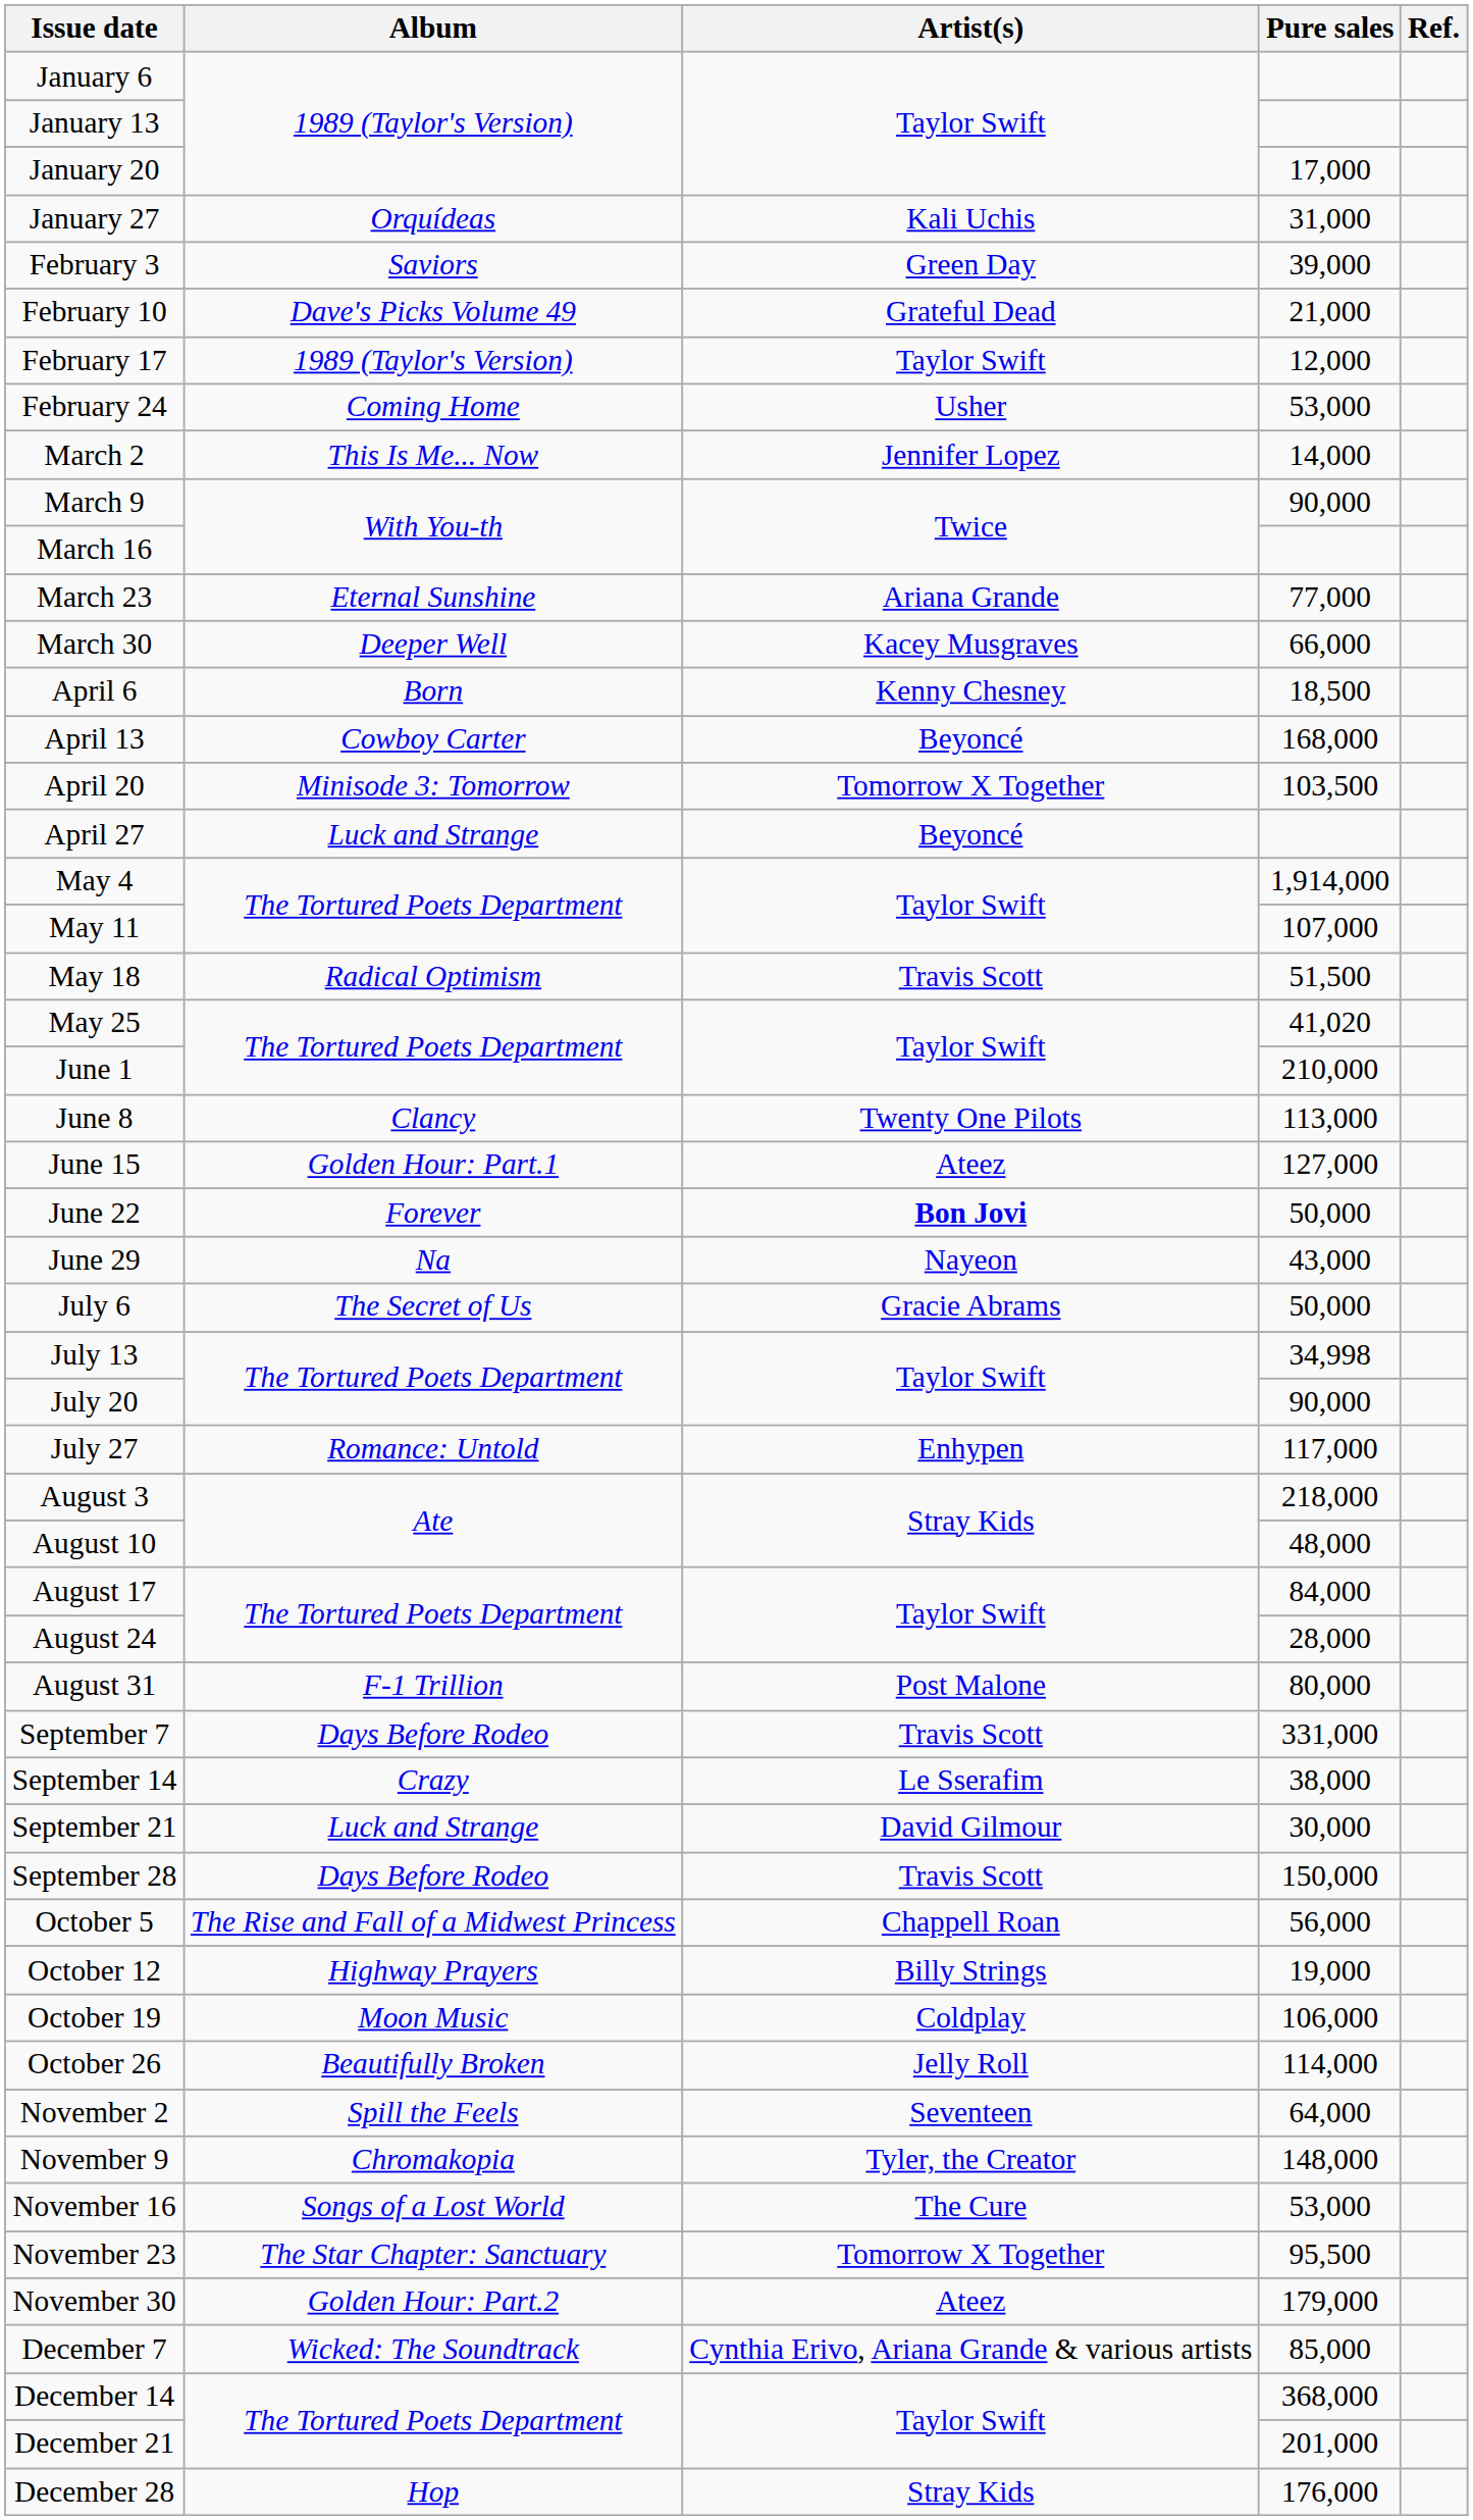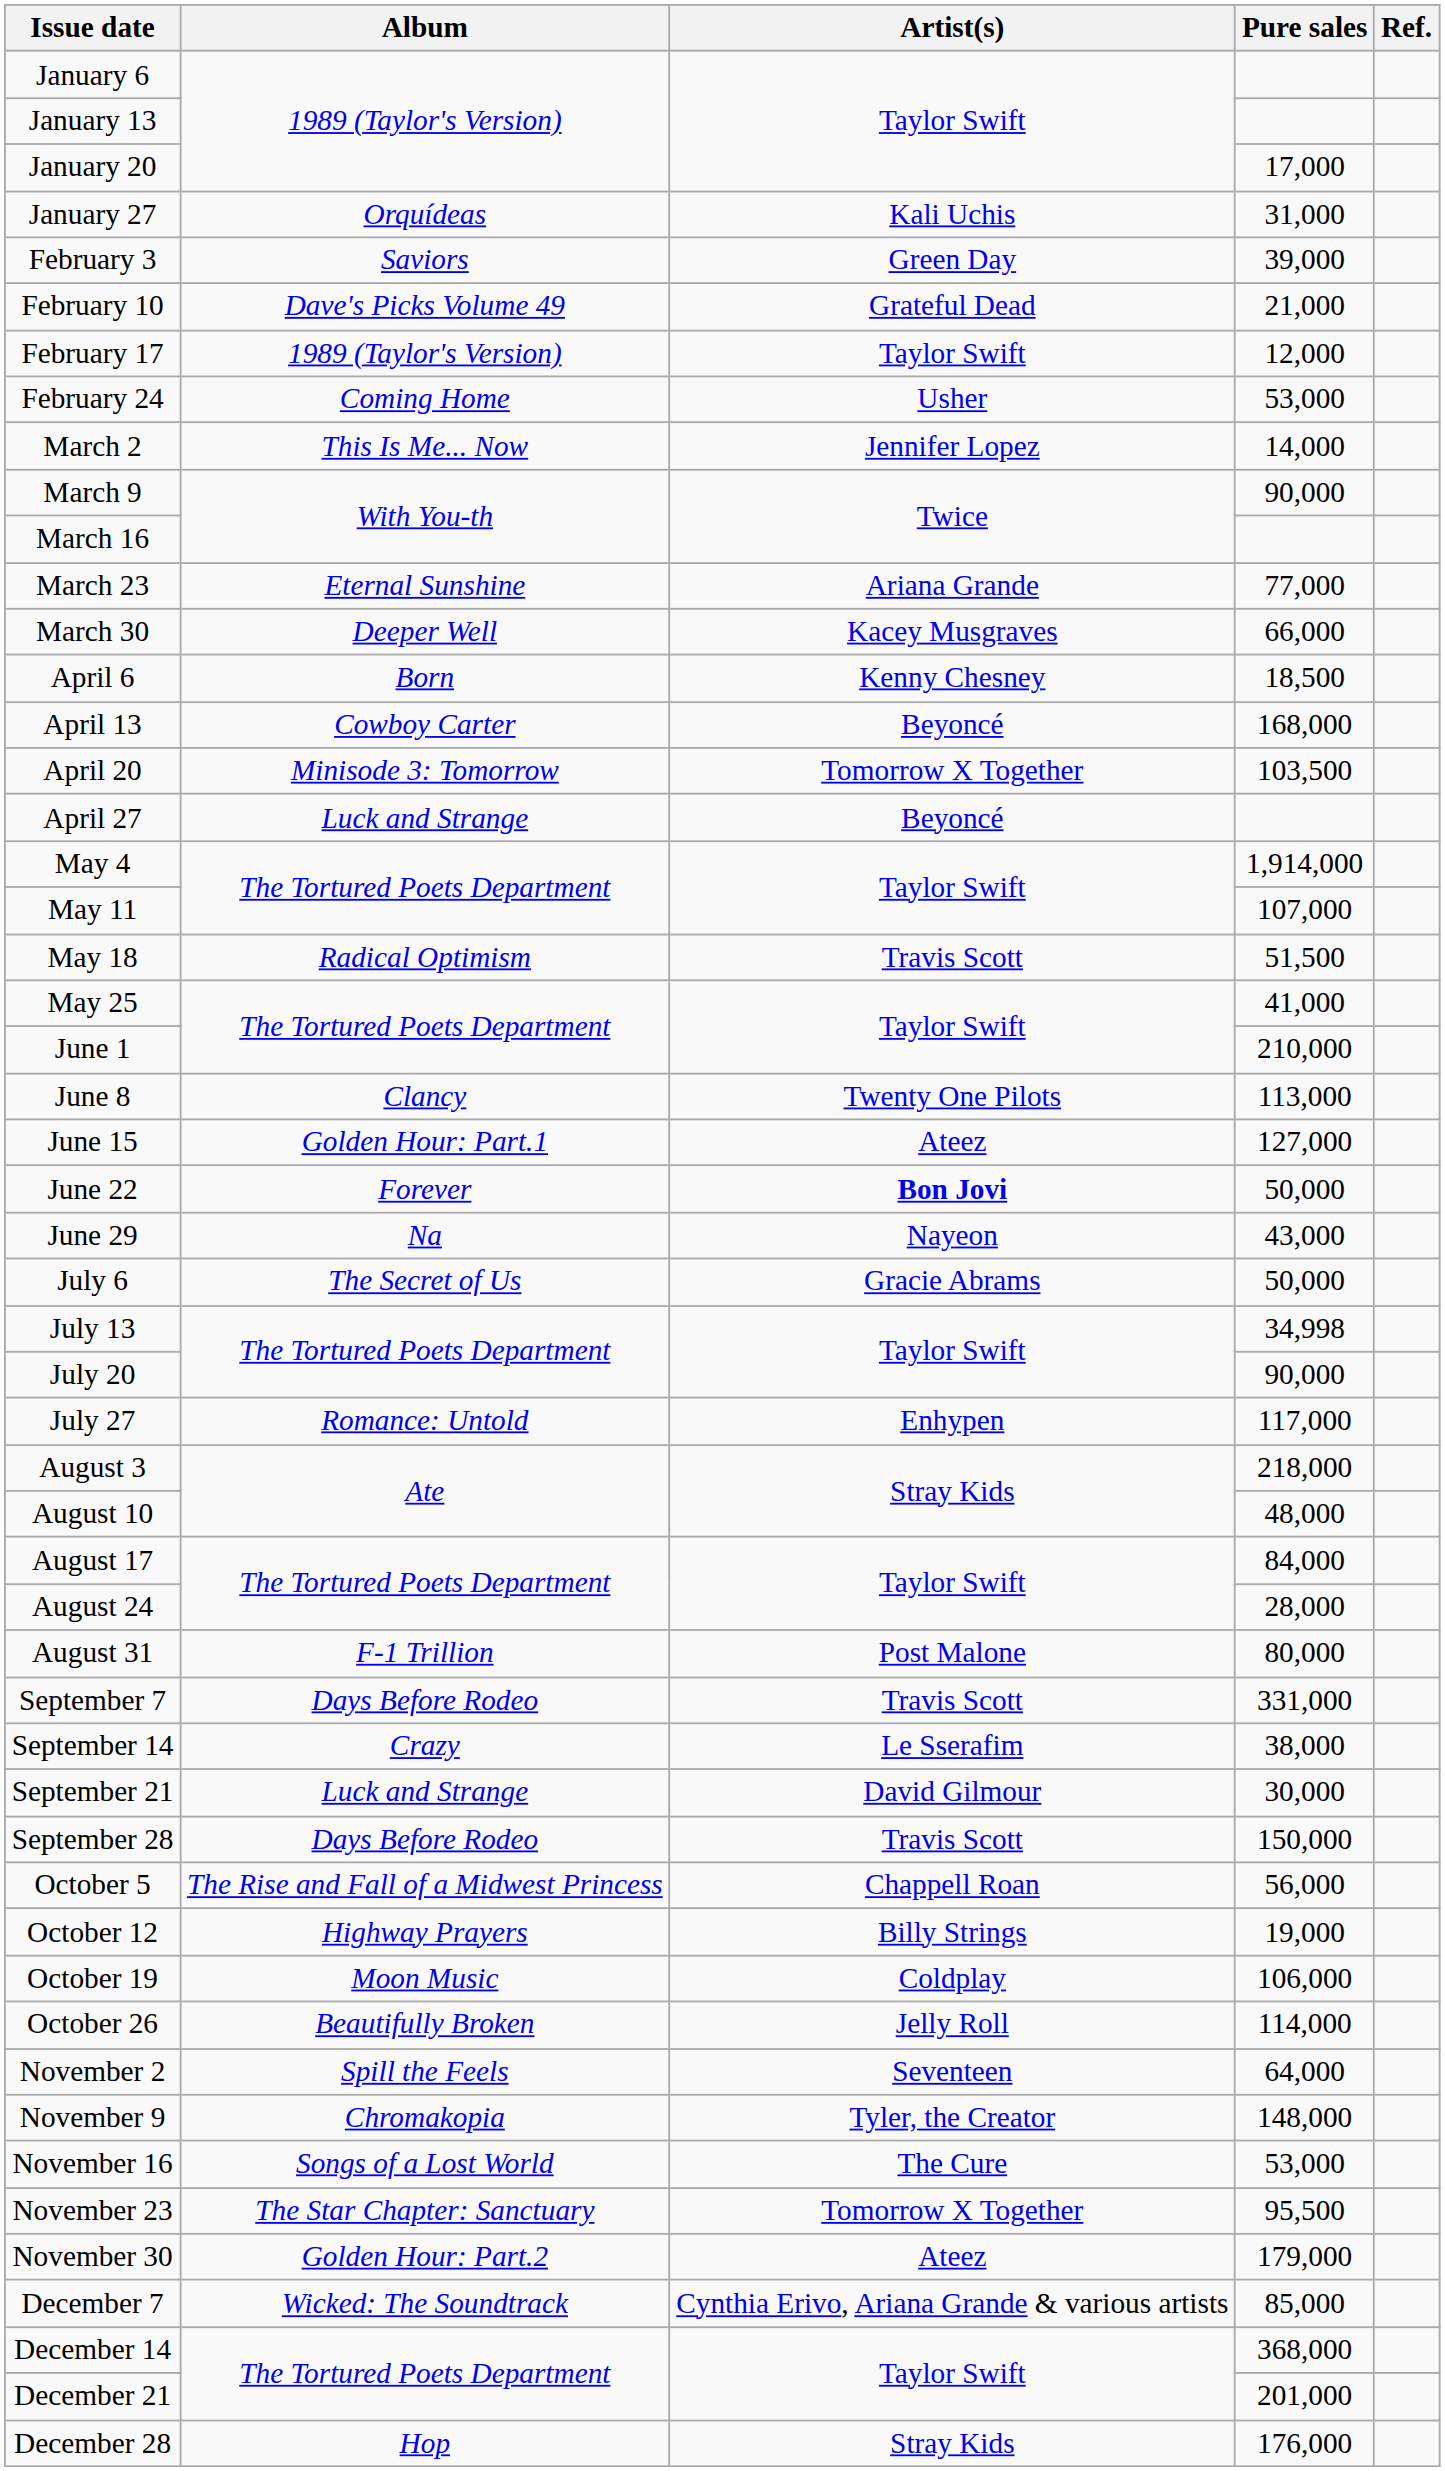 <table class="wikitable sortable" style="text-align:center;">
 <tr>
 <th scope="col">Issue date</th>
 <th scope="col">Album</th>
 <th scope="col">Artist(s)</th>
 <th scope="col">Pure sales</th>
 <th scope="col">Ref.</th>
 </tr>
 <tr>
 <td scope="row">January 6</td>
 <td rowspan="3"><em><a href='#'>1989 (Taylor's Version)</a></em></td>
 <td rowspan="3"><a href='#'>Taylor Swift</a></td>
 <td></td>
 <td></td>
 </tr>
 <tr>
 <td scope="row">January 13</td>
 <td></td>
 <td></td>
 </tr>
 <tr>
 <td scope="row">January 20</td>
 <td>17,000</td>
 <td> </td>
 </tr>
 <tr>
 <td scope="row">January 27</td>
 <td><em><a href='#'>Orquídeas</a></em></td>
 <td><a href='#'>Kali Uchis</a></td>
 <td>31,000</td>
 <td> </td>
 </tr>
 <tr>
 <td scope="row">February 3</td>
 <td><em><a href='#'>Saviors</a></em></td>
 <td><a href='#'>Green Day</a></td>
 <td>39,000</td>
 <td> </td>
 </tr>
 <tr>
 <td scope="row">February 10</td>
 <td><em><a href='#'>Dave's Picks Volume 49</a></em></td>
 <td><a href='#'>Grateful Dead</a></td>
 <td>21,000</td>
 <td> </td>
 </tr>
 <tr>
 <td scope="row">February 17</td>
 <td><em><a href='#'>1989 (Taylor's Version)</a></em></td>
 <td><a href='#'>Taylor Swift</a></td>
 <td>12,000</td>
 <td> </td>
 </tr>
 <tr>
 <td scope="row">February 24</td>
 <td><em><a href='#'>Coming Home</a></em></td>
 <td><a href='#'>Usher</a></td>
 <td>53,000</td>
 <td> </td>
 </tr>
 <tr>
 <td scope="row">March 2</td>
 <td><em><a href='#'>This Is Me... Now</a></em></td>
 <td><a href='#'>Jennifer Lopez</a></td>
 <td>14,000</td>
 <td> </td>
 </tr>
 <tr>
 <td scope="row">March 9</td>
 <td rowspan="2"><em><a href='#'>With You-th</a></em></td>
 <td rowspan="2"><a href='#'>Twice</a></td>
 <td>90,000</td>
 <td> </td>
 </tr>
 <tr>
 <td scope="row">March 16</td>
 <td></td>
 <td></td>
 </tr>
 <tr>
 <td scope="row">March 23</td>
 <td><em><a href='#'>Eternal Sunshine</a></em></td>
 <td><a href='#'>Ariana Grande</a></td>
 <td>77,000</td>
 <td> </td>
 </tr>
 <tr>
 <td scope="row">March 30</td>
 <td><em><a href='#'>Deeper Well</a></em></td>
 <td><a href='#'>Kacey Musgraves</a></td>
 <td>66,000</td>
 <td> </td>
 </tr>
 <tr>
 <td scope="row">April 6</td>
 <td><em><a href='#'>Born</a></em></td>
 <td><a href='#'>Kenny Chesney</a></td>
 <td>18,500</td>
 <td> </td>
 </tr>
 <tr>
 <td scope="row">April 13</td>
 <td><em><a href='#'>Cowboy Carter</a></em></td>
 <td><a href='#'>Beyoncé</a></td>
 <td>168,000</td>
 <td> </td>
 </tr>
 <tr>
 <td scope="row">April 20</td>
 <td><em><a href='#'>Minisode 3: Tomorrow</a></em></td>
 <td><a href='#'>Tomorrow X Together</a></td>
 <td>103,500</td>
 <td> </td>
 </tr>
 <tr>
 <td scope="row">April 27</td>
 <td><em><a href='#'>Luck and Strange</a></em></td>
 <td><a href='#'>Beyoncé</a></td>
 <td></td>
 <td></td>
 </tr>
 <tr>
 <td scope="row">May 4</td>
 <td rowspan="2"><em><a href='#'>The Tortured Poets Department</a></em></td>
 <td rowspan="2"><a href='#'>Taylor Swift</a></td>
 <td>1,914,000</td>
 <td> </td>
 </tr>
 <tr>
 <td scope="row">May 11</td>
 <td>107,000</td>
 <td> </td>
 </tr>
 <tr>
 <td scope="row">May 18</td>
 <td><em><a href='#'>Radical Optimism</a></em></td>
 <td><a href='#'>Travis Scott</a></td>
 <td>51,500</td>
 <td> </td>
 </tr>
 <tr>
 <td scope="row">May 25</td>
 <td rowspan="2"><em><a href='#'>The Tortured Poets Department</a></em></td>
 <td rowspan="2"><a href='#'>Taylor Swift</a></td>
-<td>41,020</td>
+<td>41,000</td>
 <td> </td>
 </tr>
 <tr>
 <td scope="row">June 1</td>
 <td>210,000</td>
 <td></td>
 </tr>
 <tr>
 <td scope="row">June 8</td>
 <td><em><a href='#'>Clancy</a></em></td>
 <td><a href='#'>Twenty One Pilots</a></td>
 <td>113,000</td>
 <td></td>
 </tr>
 <tr>
 <td scope="row">June 15</td>
 <td><em><a href='#'>Golden Hour: Part.1</a></em></td>
 <td><a href='#'>Ateez</a></td>
 <td>127,000</td>
 <td></td>
 </tr>
 <tr>
 <td scope="row">June 22</td>
 <td><em><a href='#'>Forever</a></em></td>
 <td><strong><a href='#'>Bon Jovi</a></strong></td>
 <td>50,000</td>
 <td></td>
 </tr>
 <tr>
 <td scope="row">June 29</td>
 <td><em><a href='#'>Na</a></em></td>
 <td><a href='#'>Nayeon</a></td>
 <td>43,000</td>
 <td></td>
 </tr>
 <tr>
 <td scope="row">July 6</td>
 <td><em><a href='#'>The Secret of Us</a></em></td>
 <td><a href='#'>Gracie Abrams</a></td>
 <td>50,000</td>
 <td></td>
 </tr>
 <tr>
 <td scope="row">July 13</td>
 <td rowspan="2"><em><a href='#'>The Tortured Poets Department</a></em></td>
 <td rowspan="2"><a href='#'>Taylor Swift</a></td>
 <td>34,998</td>
 <td></td>
 </tr>
 <tr>
 <td scope="row">July 20</td>
 <td>90,000</td>
 <td></td>
 </tr>
 <tr>
 <td scope="row">July 27</td>
 <td><em><a href='#'>Romance: Untold</a></em></td>
 <td><a href='#'>Enhypen</a></td>
 <td>117,000</td>
 <td></td>
 </tr>
 <tr>
 <td scope="row">August 3</td>
 <td rowspan="2"><em><a href='#'>Ate</a></em></td>
 <td rowspan="2"><a href='#'>Stray Kids</a></td>
 <td>218,000</td>
 <td></td>
 </tr>
 <tr>
 <td scope="row">August 10</td>
 <td>48,000</td>
 <td></td>
 </tr>
 <tr>
 <td scope="row">August 17</td>
 <td rowspan="2"><em><a href='#'>The Tortured Poets Department</a></em></td>
 <td rowspan="2"><a href='#'>Taylor Swift</a></td>
 <td>84,000</td>
 <td></td>
 </tr>
 <tr>
 <td scope="row">August 24</td>
 <td>28,000</td>
 <td></td>
 </tr>
 <tr>
 <td scope="row">August 31</td>
 <td><em><a href='#'>F-1 Trillion</a></em></td>
 <td><a href='#'>Post Malone</a></td>
 <td>80,000</td>
 <td></td>
 </tr>
 <tr>
 <td scope="row">September 7</td>
 <td><em><a href='#'>Days Before Rodeo</a></em></td>
 <td><a href='#'>Travis Scott</a></td>
 <td>331,000</td>
 <td></td>
 </tr>
 <tr>
 <td scope="row">September 14</td>
 <td><em><a href='#'>Crazy</a></em></td>
 <td><a href='#'>Le Sserafim</a></td>
 <td>38,000</td>
 <td></td>
 </tr>
 <tr>
 <td scope="row">September 21</td>
 <td><em><a href='#'>Luck and Strange</a></em></td>
 <td><a href='#'>David Gilmour</a></td>
 <td>30,000</td>
 <td></td>
 </tr>
 <tr>
 <td scope="row">September 28</td>
 <td><em><a href='#'>Days Before Rodeo</a></em></td>
 <td><a href='#'>Travis Scott</a></td>
 <td>150,000</td>
 <td></td>
 </tr>
 <tr>
 <td scope="row">October 5</td>
 <td><em><a href='#'>The Rise and Fall of a Midwest Princess</a></em></td>
 <td><a href='#'>Chappell Roan</a></td>
 <td>56,000</td>
 <td></td>
 </tr>
 <tr>
 <td scope="row">October 12</td>
 <td><em><a href='#'>Highway Prayers</a></em></td>
 <td><a href='#'>Billy Strings</a></td>
 <td>19,000</td>
 <td></td>
 </tr>
 <tr>
 <td scope="row">October 19</td>
 <td><em><a href='#'>Moon Music</a></em></td>
 <td><a href='#'>Coldplay</a></td>
 <td>106,000</td>
 <td></td>
 </tr>
 <tr>
 <td scope="row">October 26</td>
 <td><em><a href='#'>Beautifully Broken</a></em></td>
 <td><a href='#'>Jelly Roll</a></td>
 <td>114,000</td>
 <td></td>
 </tr>
 <tr>
 <td scope="row">November 2</td>
 <td><em><a href='#'>Spill the Feels</a></em></td>
 <td><a href='#'>Seventeen</a></td>
 <td>64,000</td>
 <td></td>
 </tr>
 <tr>
 <td scope="row">November 9</td>
 <td><em><a href='#'>Chromakopia</a></em></td>
 <td><a href='#'>Tyler, the Creator</a></td>
 <td>148,000</td>
 <td></td>
 </tr>
 <tr>
 <td scope="row">November 16</td>
 <td><em><a href='#'>Songs of a Lost World</a></em></td>
 <td><a href='#'>The Cure</a></td>
 <td>53,000</td>
 <td></td>
 </tr>
 <tr>
 <td scope="row">November 23</td>
 <td><em><a href='#'>The Star Chapter: Sanctuary</a></em></td>
 <td><a href='#'>Tomorrow X Together</a></td>
 <td>95,500</td>
 <td></td>
 </tr>
 <tr>
 <td scope="row">November 30</td>
 <td><em><a href='#'>Golden Hour: Part.2</a></em></td>
 <td><a href='#'>Ateez</a></td>
 <td>179,000</td>
 <td></td>
 </tr>
 <tr>
 <td scope="row">December 7</td>
 <td><em><a href='#'>Wicked: The Soundtrack</a></em></td>
 <td><a href='#'>Cynthia Erivo</a>, <a href='#'>Ariana Grande</a> & various artists</td>
 <td>85,000</td>
 <td></td>
 </tr>
 <tr>
 <td scope="row">December 14</td>
 <td rowspan="2"><em><a href='#'>The Tortured Poets Department</a></em></td>
 <td rowspan="2"><a href='#'>Taylor Swift</a></td>
 <td>368,000</td>
 <td></td>
 </tr>
 <tr>
 <td scope="row">December 21</td>
 <td>201,000</td>
 <td></td>
 </tr>
 <tr>
 <td scope="row">December 28</td>
 <td><em><a href='#'>Hop</a></em></td>
 <td><a href='#'>Stray Kids</a></td>
 <td>176,000</td>
 <td></td>
 </tr>
 </table>
